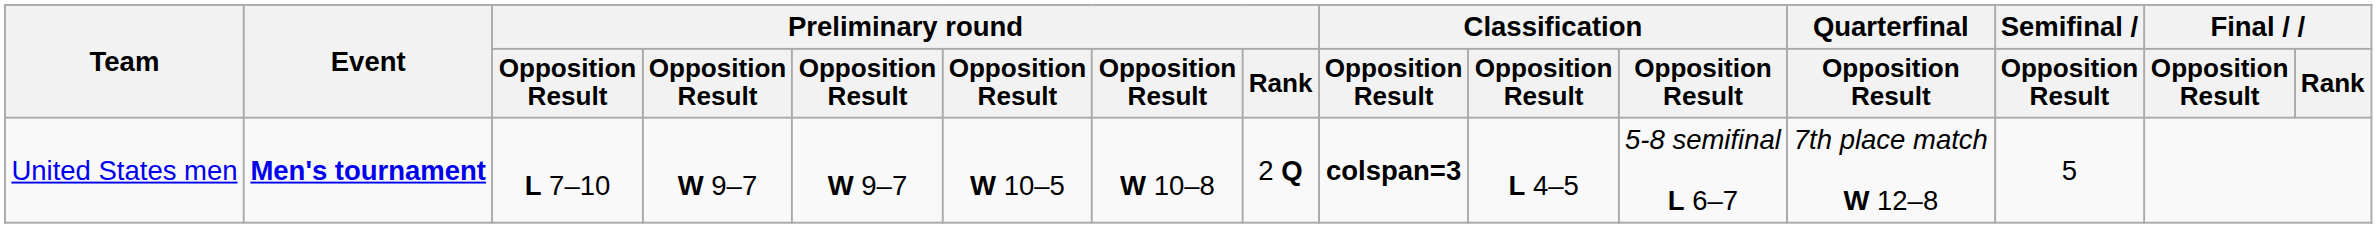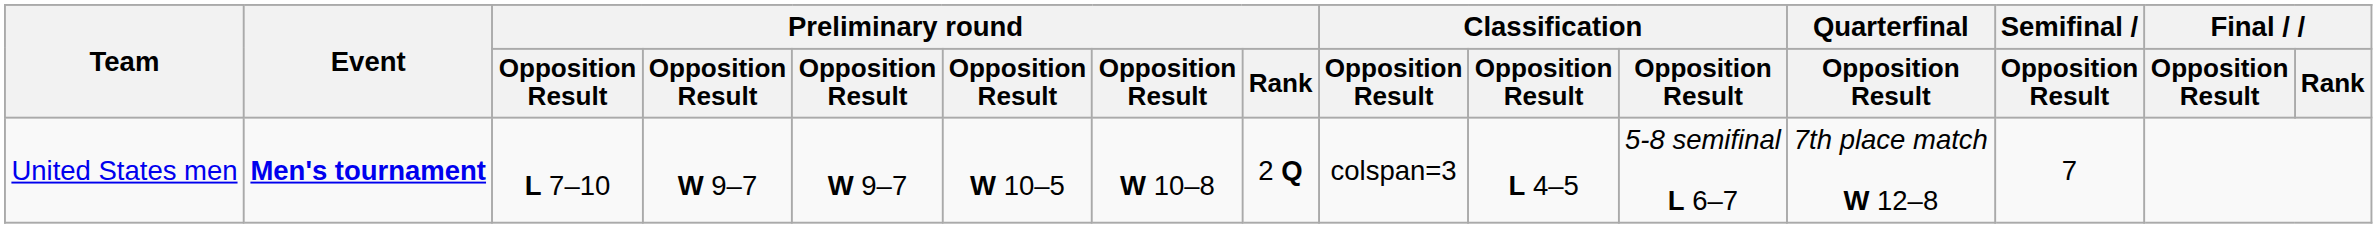 <table class=wikitable style=font-size:90%;text-align:center>
 <tr>
 <th rowspan=2>Team</th>
 <th rowspan=2>Event</th>
 <th colspan=6>Preliminary round</th>
 <th colspan=3>Classification</th>
 <th>Quarterfinal</th>
 <th>Semifinal / </th>
 <th colspan=2>Final /  / </th>
 </tr>
 <tr style=font-size:95%>
 <th>Opposition<br>Result</th>
 <th>Opposition<br>Result</th>
 <th>Opposition<br>Result</th>
 <th>Opposition<br>Result</th>
 <th>Opposition<br>Result</th>
 <th>Rank</th>
 <th>Opposition<br>Result</th>
 <th>Opposition<br>Result</th>
 <th>Opposition<br>Result</th>
 <th>Opposition<br>Result</th>
 <th>Opposition<br>Result</th>
 <th>Opposition<br>Result</th>
 <th>Rank</th>
 </tr>
 <tr>
 <td align=left><a href='#'>United States men</a></td>
 <td align=left><strong><a href='#'>Men's tournament</a></strong></td>
 <td><br><strong>L</strong> 7–10</td>
 <td><br><strong>W</strong> 9–7</td>
 <td><br><strong>W</strong> 9–7</td>
 <td><br><strong>W</strong> 10–5</td>
 <td><br><strong>W</strong> 10–8</td>
 <td>2 <strong>Q</strong></td>
-<td><strong>colspan=3 </strong></td>
+<td>colspan=3 </td>
 <td><br><strong>L</strong> 4–5</td>
 <td><em>5-8 semifinal</em><br><br><strong>L</strong> 6–7</td>
 <td><em>7th place match</em><br><br><strong>W</strong> 12–8</td>
-<td>5</td>
+<td>7</td>
 </tr>
 </table>
